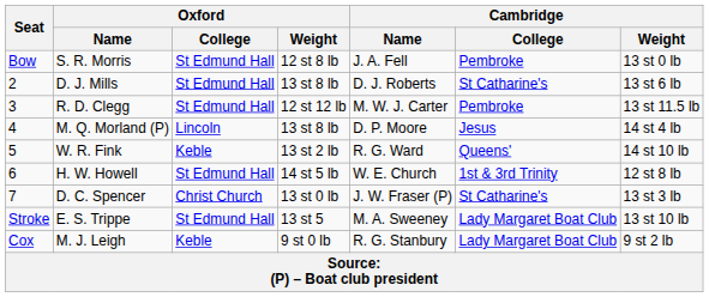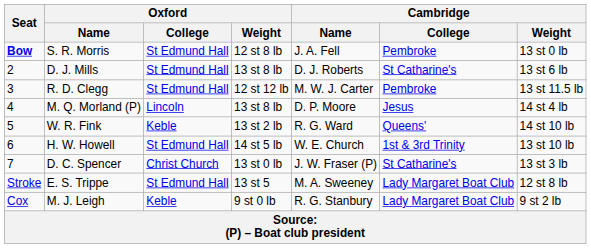 <table class="wikitable">
 <tr>
 <th rowspan="2" scope="col">Seat</th>
 <th colspan="3" scope="col">Oxford <br> </th>
 <th colspan="3" scope="col">Cambridge <br> </th>
 </tr>
 <tr>
 <th>Name</th>
 <th>College</th>
 <th>Weight</th>
 <th>Name</th>
 <th>College</th>
 <th>Weight</th>
 </tr>
 <tr>
-<td><a href='#'>Bow</a></td>
+<td><strong><a href='#'>Bow</a></strong></td>
 <td>S. R. Morris</td>
 <td><a href='#'>St Edmund Hall</a></td>
 <td>12 st 8 lb</td>
 <td>J. A. Fell</td>
 <td><a href='#'>Pembroke</a></td>
 <td>13 st 0 lb</td>
 </tr>
 <tr>
 <td>2</td>
 <td>D. J. Mills</td>
 <td><a href='#'>St Edmund Hall</a></td>
 <td>13 st 8 lb</td>
 <td>D. J. Roberts</td>
 <td><a href='#'>St Catharine's</a></td>
 <td>13 st 6 lb</td>
 </tr>
 <tr>
 <td>3</td>
 <td>R. D. Clegg</td>
 <td><a href='#'>St Edmund Hall</a></td>
 <td>12 st 12 lb</td>
 <td>M. W. J. Carter</td>
 <td><a href='#'>Pembroke</a></td>
 <td>13 st 11.5 lb</td>
 </tr>
 <tr>
 <td>4</td>
 <td>M. Q. Morland (P)</td>
 <td><a href='#'>Lincoln</a></td>
 <td>13 st 8 lb</td>
 <td>D. P. Moore</td>
 <td><a href='#'>Jesus</a></td>
 <td>14 st 4 lb</td>
 </tr>
 <tr>
 <td>5</td>
 <td>W. R. Fink</td>
 <td><a href='#'>Keble</a></td>
 <td>13 st 2 lb</td>
 <td>R. G. Ward</td>
 <td><a href='#'>Queens'</a></td>
 <td>14 st 10 lb</td>
 </tr>
 <tr>
 <td>6</td>
 <td>H. W. Howell</td>
 <td><a href='#'>St Edmund Hall</a></td>
 <td>14 st 5 lb</td>
 <td>W. E. Church</td>
 <td><a href='#'>1st & 3rd Trinity</a></td>
-<td>12 st 8 lb</td>
+<td>13 st 10 lb</td>
 </tr>
 <tr>
 <td>7</td>
 <td>D. C. Spencer</td>
 <td><a href='#'>Christ Church</a></td>
 <td>13 st 0 lb</td>
 <td>J. W. Fraser (P)</td>
 <td><a href='#'>St Catharine's</a></td>
 <td>13 st 3 lb</td>
 </tr>
 <tr>
 <td><a href='#'>Stroke</a></td>
 <td>E. S. Trippe</td>
 <td><a href='#'>St Edmund Hall</a></td>
 <td>13 st 5</td>
 <td>M. A. Sweeney</td>
 <td><a href='#'>Lady Margaret Boat Club</a></td>
-<td>13 st 10 lb</td>
+<td>12 st 8 lb</td>
 </tr>
 <tr>
 <td><a href='#'>Cox</a></td>
 <td>M. J. Leigh</td>
 <td><a href='#'>Keble</a></td>
 <td>9 st 0 lb</td>
 <td>R. G. Stanbury</td>
 <td><a href='#'>Lady Margaret Boat Club</a></td>
 <td>9 st 2 lb</td>
 </tr>
 <tr>
 <th colspan="7">Source:<br>(P) – Boat club president</th>
 </tr>
 </table>
